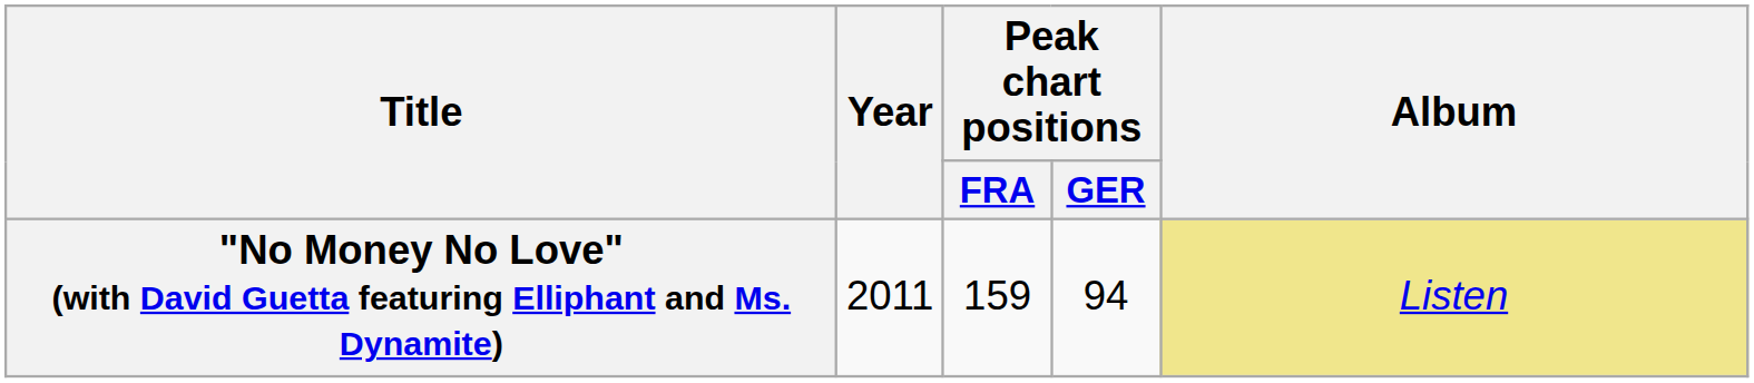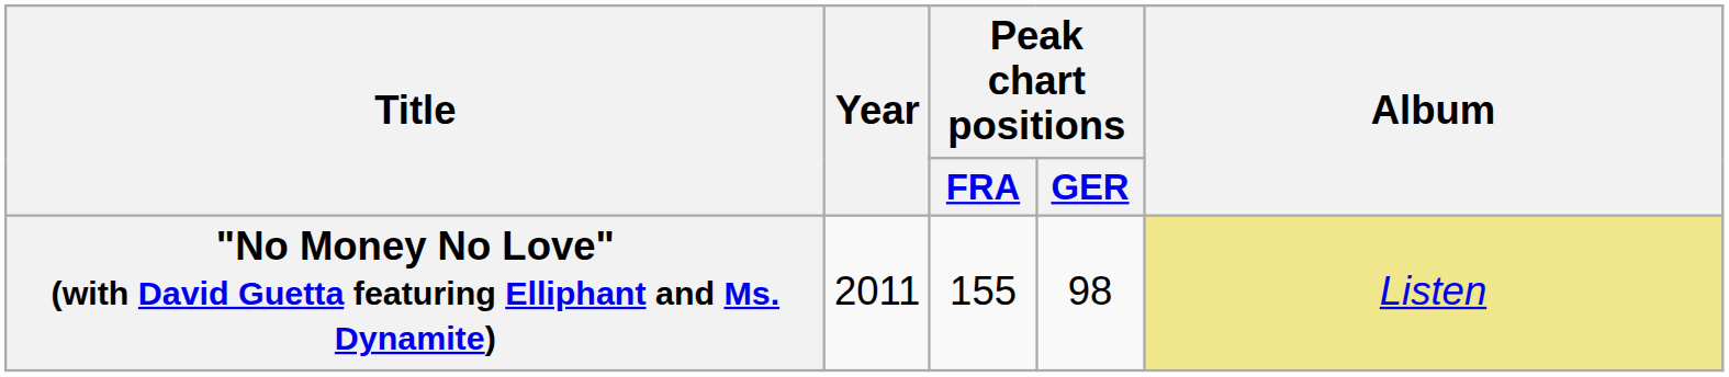 <table class="wikitable plainrowheaders" style="text-align:center;">
 <tr>
 <th scope="col" rowspan="2" style="width:20em;">Title</th>
 <th scope="col" rowspan="2" style="width:2em;">Year</th>
 <th scope="col" colspan="2">Peak chart positions</th>
 <th scope="col" rowspan="2" style="width:14em;">Album</th>
 </tr>
 <tr>
 <th scope="col" style="width:2.5em;font-size:90%;"><a href='#'>FRA</a><br></th>
 <th scope="col" style="width:2.5em;font-size:90%;"><a href='#'>GER</a><br></th>
 </tr>
 <tr>
 <th scope="row">"No Money No Love"<br><small>(with <a href='#'>David Guetta</a> featuring <a href='#'>Elliphant</a> and <a href='#'>Ms. Dynamite</a>)</small></th>
 <td>2011</td>
-<td>159</td>
-<td>94</td>
+<td>155</td>
+<td>98</td>
 <td style="background: khaki;"><em><a href='#'>Listen</a></em></td>
 </tr>
 </table>
